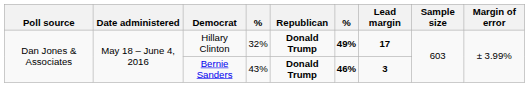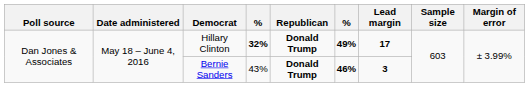 <table class="wikitable" style="text-align:center;">
 <tr valign=bottom>
 <th>Poll source</th>
 <th>Date administered</th>
 <th>Democrat</th>
 <th>%</th>
 <th>Republican</th>
 <th>%</th>
 <th>Lead margin</th>
 <th>Sample size</th>
 <th>Margin of error</th>
 </tr>
 <tr>
 <td rowspan="2">Dan Jones & Associates</td>
 <td rowspan=2>May 18 – June 4, 2016</td>
 <td>Hillary Clinton</td>
-<td>32%</td>
+<td><strong>32%</strong></td>
 <td><strong>Donald Trump</strong></td>
 <td><strong>49%</strong></td>
 <td><strong>17</strong></td>
 <td rowspan=2>603</td>
 <td rowspan=2>± 3.99%</td>
 </tr>
 <tr>
 <td><a href='#'>Bernie Sanders</a></td>
 <td>43%</td>
 <td><strong>Donald Trump</strong></td>
 <td><strong>46%</strong></td>
 <td><strong>3</strong></td>
 </tr>
 </table>
